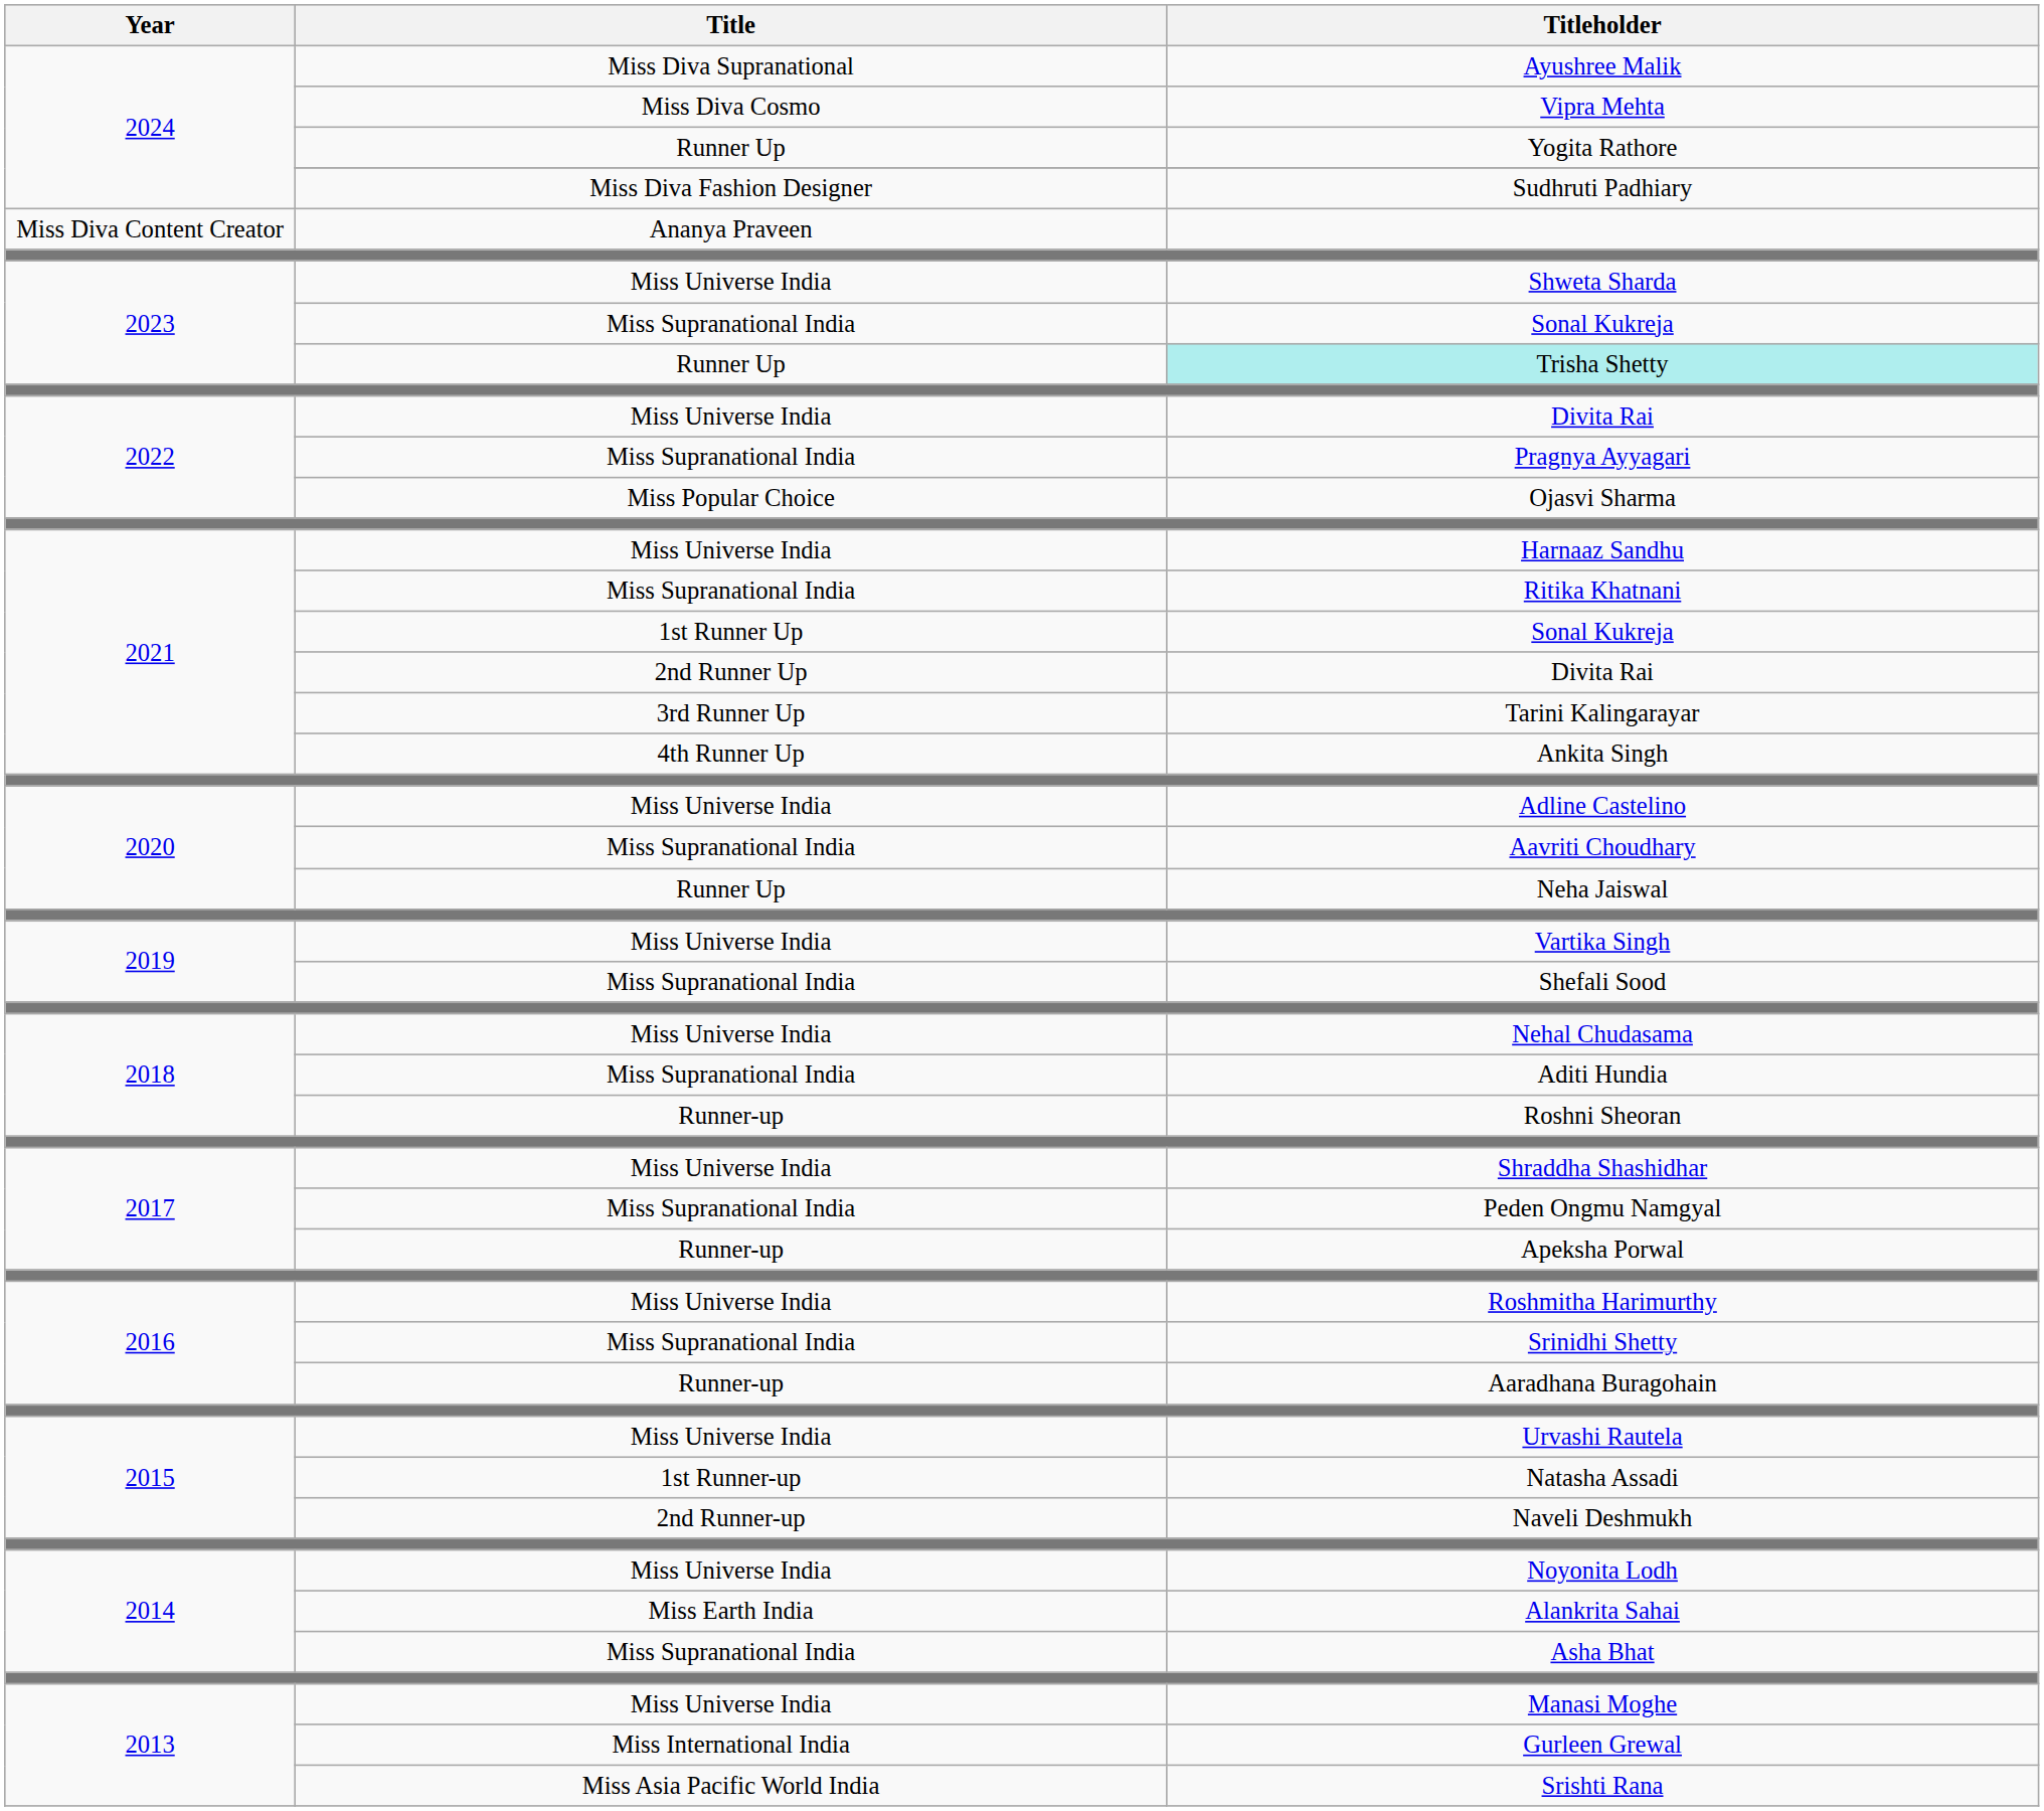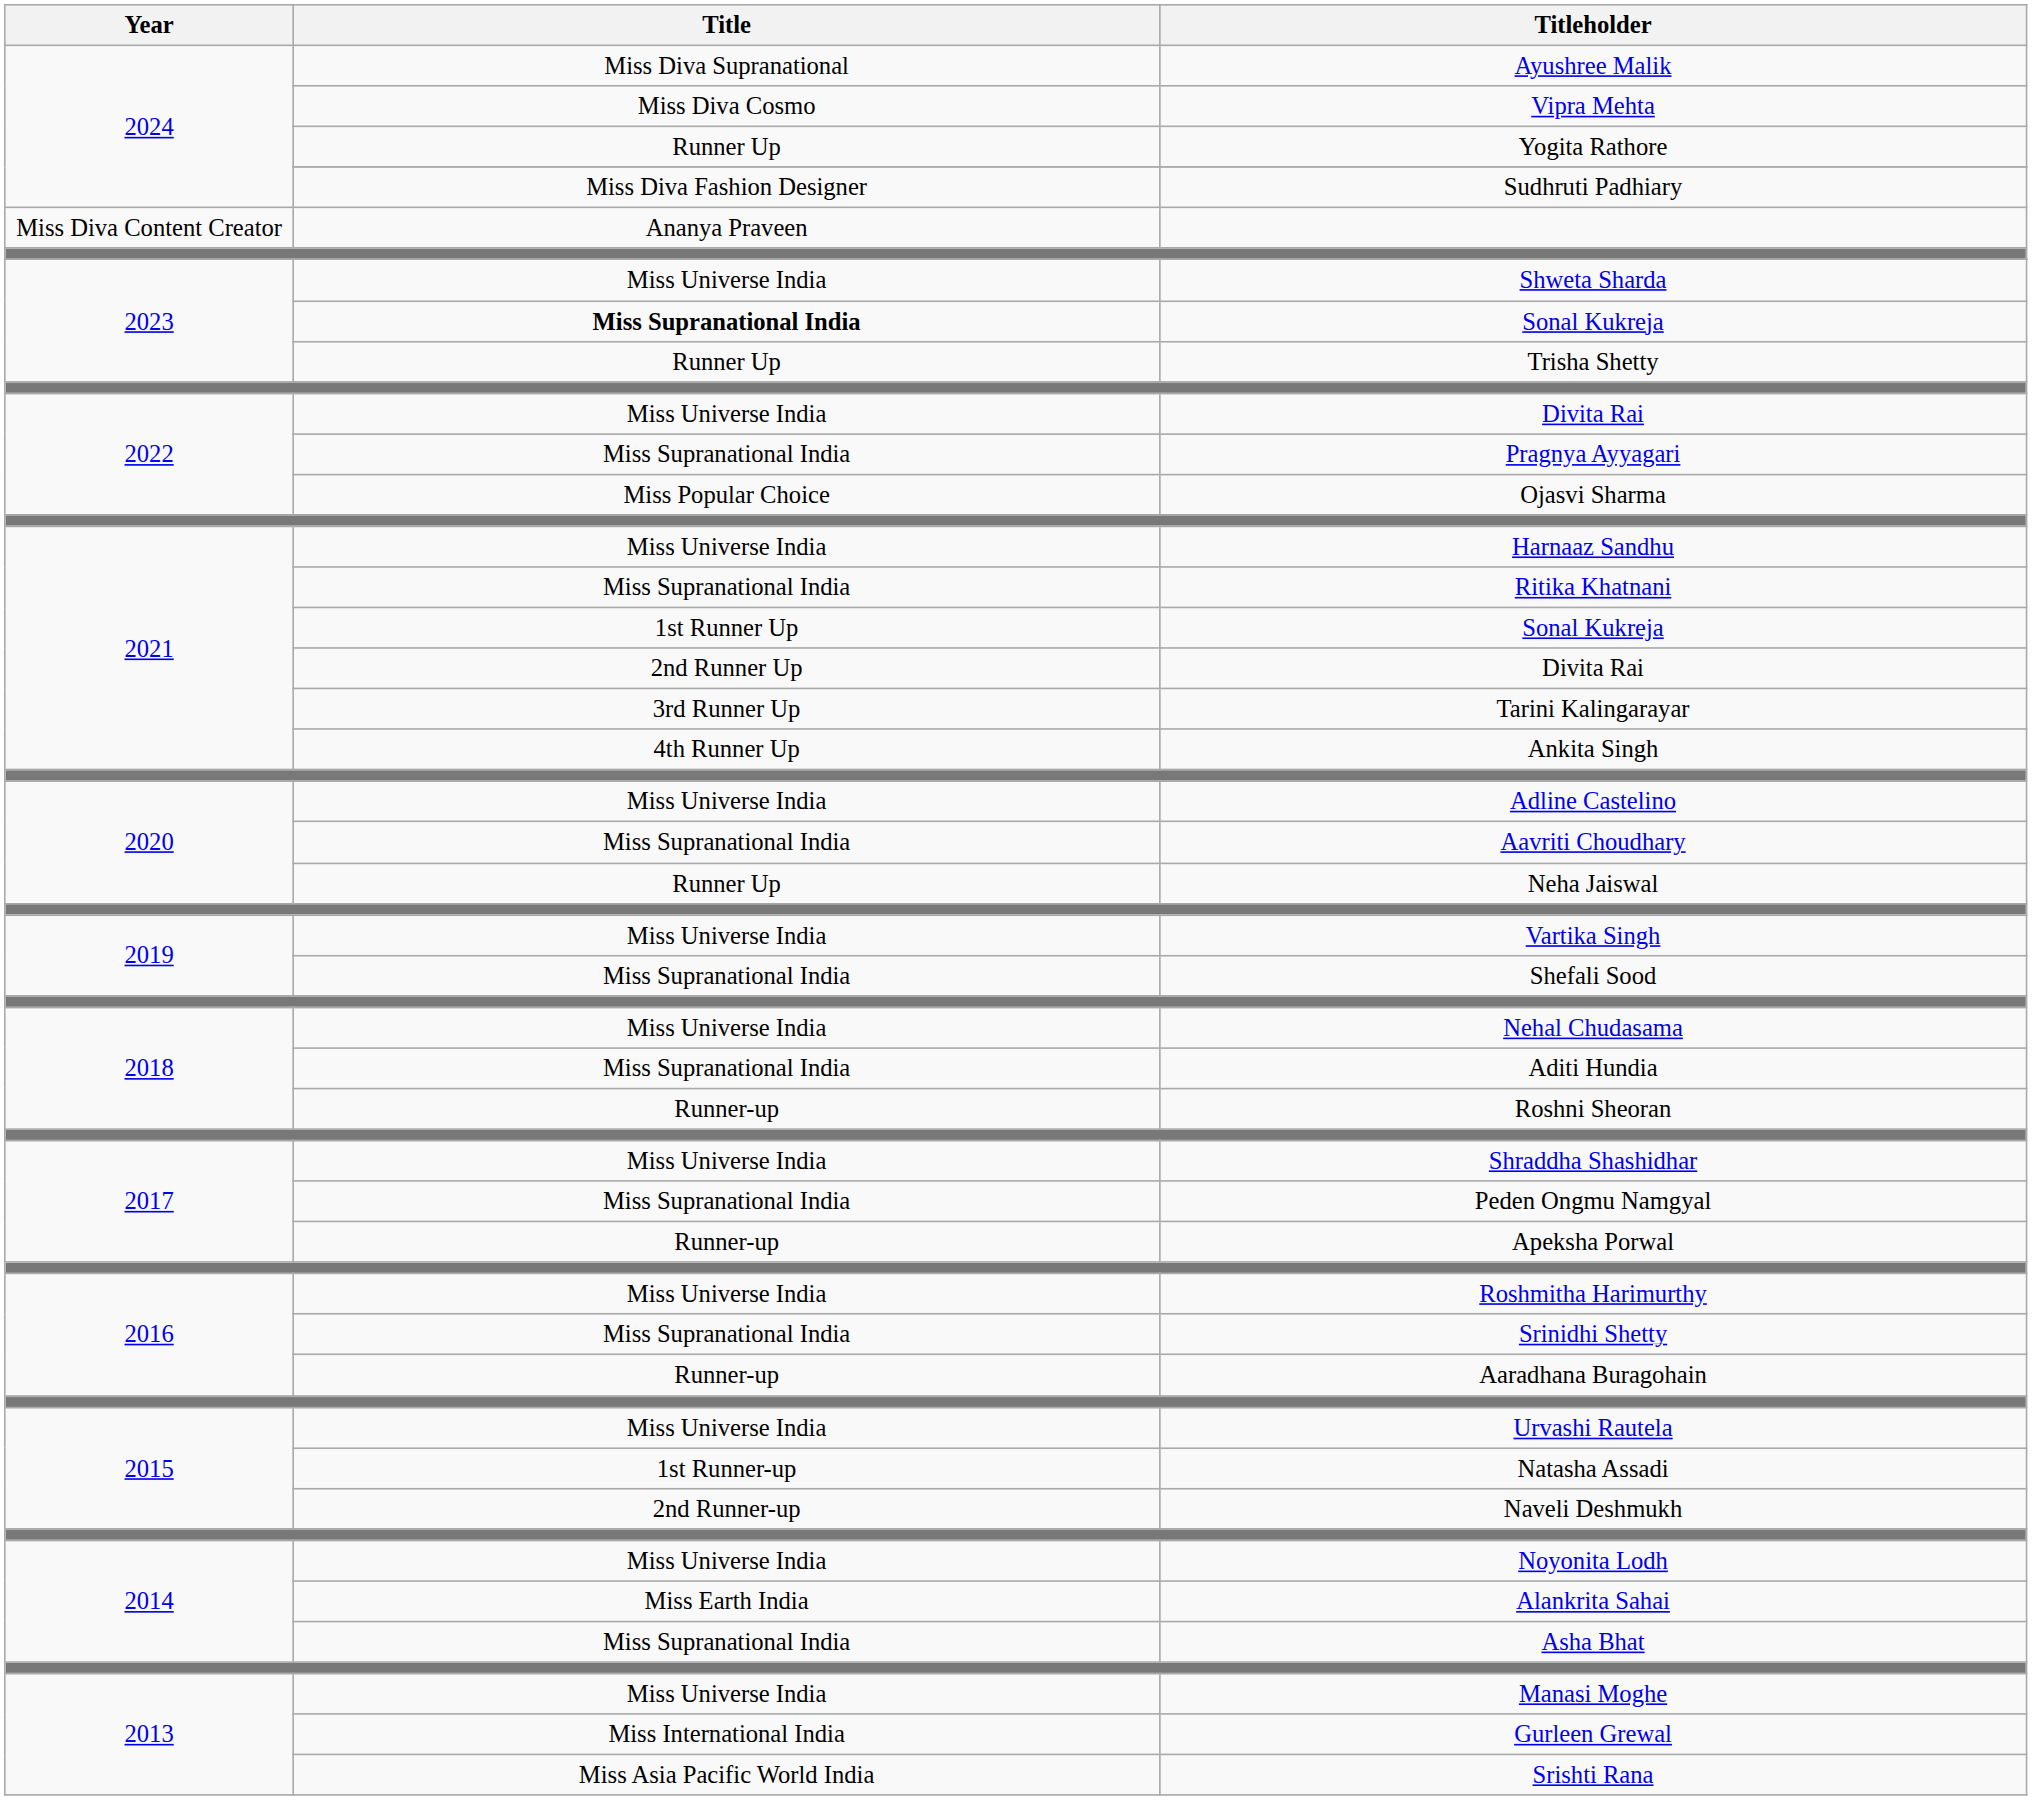 <table class="wikitable" style="font-size: 95%; text-align:center">
 <tr>
 <th bgcolor="#efefef" width="3%">Year</th>
 <th bgcolor="#efefef" width="10%">Title</th>
 <th bgcolor="#efefef" width="10%">Titleholder</th>
 </tr>
 <tr>
 <td rowspan="5"><a href='#'>2024</a></td>
 <td>Miss Diva Supranational</td>
 <td><a href='#'>Ayushree Malik</a></td>
 </tr>
 <tr>
 <td>Miss Diva Cosmo</td>
 <td><a href='#'>Vipra Mehta</a></td>
 </tr>
 <tr>
 <td>Runner Up</td>
 <td>Yogita Rathore</td>
 </tr>
 <tr>
 </tr>
 <tr>
 <td>Miss Diva Fashion Designer</td>
 <td>Sudhruti Padhiary</td>
 </tr>
 <tr>
 <td>Miss Diva Content Creator</td>
 <td>Ananya Praveen</td>
 </tr>
 <tr>
 <td colspan="3" bgcolor=#787878></td>
 </tr>
 <tr>
 </tr>
 <tr>
 <td rowspan="3"><a href='#'>2023</a></td>
 <td>Miss Universe India</td>
 <td><a href='#'>Shweta Sharda</a></td>
 </tr>
 <tr>
-<td>Miss Supranational India</td>
+<td><strong>Miss Supranational India</strong></td>
 <td><a href='#'>Sonal Kukreja</a></td>
 </tr>
 <tr>
 <td>Runner Up</td>
-<td style="background: paleturquoise;">Trisha Shetty</td>
+<td>Trisha Shetty</td>
 </tr>
 <tr>
 <td colspan="3" bgcolor=#787878></td>
 </tr>
 <tr>
 <td rowspan="3"><a href='#'>2022</a></td>
 <td>Miss Universe India</td>
 <td><a href='#'>Divita Rai</a></td>
 </tr>
 <tr>
 <td>Miss Supranational India</td>
 <td><a href='#'>Pragnya Ayyagari</a></td>
 </tr>
 <tr>
 <td>Miss Popular Choice</td>
 <td>Ojasvi Sharma</td>
 </tr>
 <tr>
 <td colspan="3" bgcolor=#787878></td>
 </tr>
 <tr>
 <td rowspan=6><a href='#'>2021</a></td>
 <td>Miss Universe India</td>
 <td><a href='#'>Harnaaz Sandhu</a></td>
 </tr>
 <tr>
 <td>Miss Supranational India</td>
 <td><a href='#'>Ritika Khatnani</a></td>
 </tr>
 <tr>
 <td>1st Runner Up</td>
 <td><a href='#'>Sonal Kukreja</a></td>
 </tr>
 <tr>
 <td>2nd Runner Up</td>
 <td>Divita Rai</td>
 </tr>
 <tr>
 <td>3rd Runner Up</td>
 <td>Tarini Kalingarayar</td>
 </tr>
 <tr>
 <td>4th Runner Up</td>
 <td>Ankita Singh</td>
 </tr>
 <tr>
 <td colspan="3" bgcolor=#787878></td>
 </tr>
 <tr>
 <td rowspan=3><a href='#'>2020</a></td>
 <td>Miss Universe India</td>
 <td><a href='#'>Adline Castelino</a></td>
 </tr>
 <tr>
 <td>Miss Supranational India</td>
 <td><a href='#'>Aavriti Choudhary</a></td>
 </tr>
 <tr>
 <td>Runner Up</td>
 <td>Neha Jaiswal</td>
 </tr>
 <tr>
 <td colspan="3" bgcolor=#787878></td>
 </tr>
 <tr>
 <td rowspan=2><a href='#'>2019</a></td>
 <td>Miss Universe India</td>
 <td><a href='#'>Vartika Singh</a></td>
 </tr>
 <tr>
 <td>Miss Supranational India</td>
 <td>Shefali Sood</td>
 </tr>
 <tr>
 <td colspan="3" bgcolor=#787878></td>
 </tr>
 <tr>
 <td rowspan=3><a href='#'>2018</a></td>
 <td>Miss Universe India</td>
 <td><a href='#'>Nehal Chudasama</a></td>
 </tr>
 <tr>
 <td>Miss Supranational India</td>
 <td>Aditi Hundia</td>
 </tr>
 <tr>
 <td>Runner-up</td>
 <td>Roshni Sheoran</td>
 </tr>
 <tr>
 <td colspan="3" bgcolor=#787878></td>
 </tr>
 <tr>
 <td rowspan=3><a href='#'>2017</a></td>
 <td>Miss Universe India</td>
 <td><a href='#'>Shraddha Shashidhar</a></td>
 </tr>
 <tr>
 <td>Miss Supranational India</td>
 <td>Peden Ongmu Namgyal</td>
 </tr>
 <tr>
 <td>Runner-up</td>
 <td>Apeksha Porwal</td>
 </tr>
 <tr>
 <td colspan="3" bgcolor=#787878></td>
 </tr>
 <tr>
 <td rowspan=3><a href='#'>2016</a></td>
 <td>Miss Universe India</td>
 <td><a href='#'>Roshmitha Harimurthy</a></td>
 </tr>
 <tr>
 <td>Miss Supranational India</td>
 <td><a href='#'>Srinidhi Shetty</a></td>
 </tr>
 <tr>
 <td>Runner-up</td>
 <td>Aaradhana Buragohain</td>
 </tr>
 <tr>
 <td colspan="3" bgcolor=#787878></td>
 </tr>
 <tr>
 <td rowspan=3><a href='#'>2015</a></td>
 <td>Miss Universe India</td>
 <td><a href='#'>Urvashi Rautela</a></td>
 </tr>
 <tr>
 <td>1st Runner-up</td>
 <td>Natasha Assadi</td>
 </tr>
 <tr>
 <td>2nd Runner-up</td>
 <td>Naveli Deshmukh</td>
 </tr>
 <tr>
 <td colspan="3" bgcolor=#787878></td>
 </tr>
 <tr>
 <td rowspan=3><a href='#'>2014</a></td>
 <td>Miss Universe India</td>
 <td><a href='#'>Noyonita Lodh</a></td>
 </tr>
 <tr>
 <td>Miss Earth India</td>
 <td><a href='#'>Alankrita Sahai</a></td>
 </tr>
 <tr>
 <td>Miss Supranational India</td>
 <td><a href='#'>Asha Bhat</a></td>
 </tr>
 <tr>
 <td colspan="3" bgcolor=#787878></td>
 </tr>
 <tr>
 <td rowspan=3><a href='#'>2013</a></td>
 <td>Miss Universe India</td>
 <td><a href='#'>Manasi Moghe</a></td>
 </tr>
 <tr>
 <td>Miss International India</td>
 <td><a href='#'>Gurleen Grewal</a></td>
 </tr>
 <tr>
 <td>Miss Asia Pacific World India</td>
 <td><a href='#'>Srishti Rana</a></td>
 </tr>
 </table>
